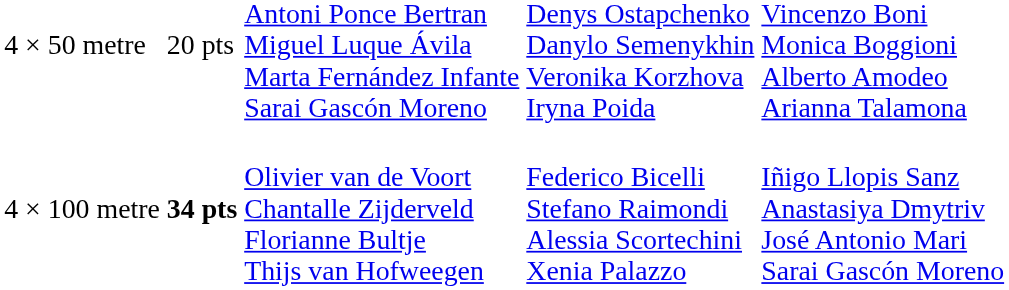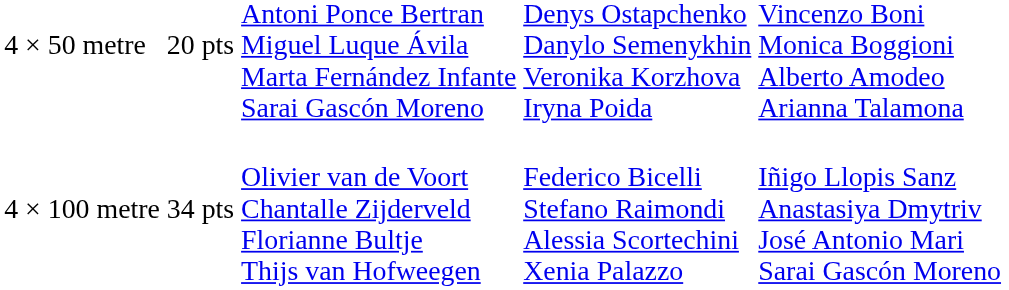 <table>
 <tr>
 <td>4 × 50 metre</td>
 <td>20 pts</td>
 <td><br><a href='#'>Antoni Ponce Bertran</a><br><a href='#'>Miguel Luque Ávila</a><br><a href='#'>Marta Fernández Infante</a><br><a href='#'>Sarai Gascón Moreno</a></td>
 <td><br><a href='#'>Denys Ostapchenko</a><br><a href='#'>Danylo Semenykhin</a><br><a href='#'>Veronika Korzhova</a><br><a href='#'>Iryna Poida</a></td>
 <td><br><a href='#'>Vincenzo Boni</a><br><a href='#'>Monica Boggioni</a><br><a href='#'>Alberto Amodeo</a><br><a href='#'>Arianna Talamona</a></td>
 </tr>
 <tr>
 <td>4 × 100 metre</td>
-<td><strong>34 pts</strong></td>
+<td>34 pts</td>
 <td><br><a href='#'>Olivier van de Voort</a><br><a href='#'>Chantalle Zijderveld</a><br><a href='#'>Florianne Bultje</a><br><a href='#'>Thijs van Hofweegen</a></td>
 <td><br><a href='#'>Federico Bicelli</a><br><a href='#'>Stefano Raimondi</a><br><a href='#'>Alessia Scortechini</a><br><a href='#'>Xenia Palazzo</a></td>
 <td><br><a href='#'>Iñigo Llopis Sanz</a><br><a href='#'>Anastasiya Dmytriv</a><br><a href='#'>José Antonio Mari</a><br><a href='#'>Sarai Gascón Moreno</a></td>
 </tr>
 </table>
